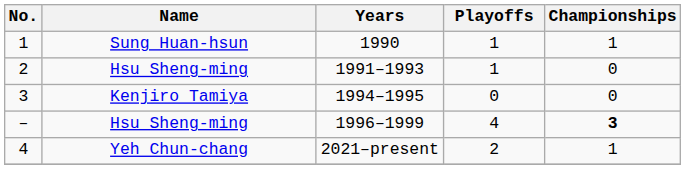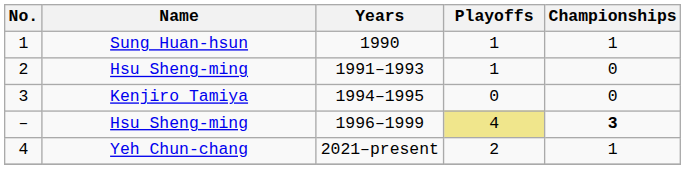 <table class=wikitable style="text-align:center; font-size:95%">
 <tr>
 <th width="10">No.</th>
 <th width="200">Name</th>
 <th width="90">Years</th>
 <th width="70">Playoffs</th>
 <th width="70">Championships</th>
 </tr>
 <tr>
 <td>1</td>
 <td><a href='#'>Sung Huan-hsun</a></td>
 <td>1990</td>
 <td>1</td>
 <td>1</td>
 </tr>
 <tr>
 <td>2</td>
 <td><a href='#'>Hsu Sheng-ming</a></td>
 <td>1991–1993</td>
 <td>1</td>
 <td>0</td>
 </tr>
 <tr>
 <td>3</td>
 <td><a href='#'>Kenjiro Tamiya</a></td>
 <td>1994–1995</td>
 <td>0</td>
 <td>0</td>
 </tr>
 <tr>
 <td>–</td>
 <td><a href='#'>Hsu Sheng-ming</a></td>
 <td>1996–1999</td>
-<td>4</td>
+<td style="background: khaki;">4</td>
 <td><strong>3</strong></td>
 </tr>
 <tr>
 <td>4</td>
 <td><a href='#'>Yeh Chun-chang</a></td>
 <td>2021–present</td>
 <td>2</td>
 <td>1</td>
 </tr>
 <tr>
 </tr>
 </table>
